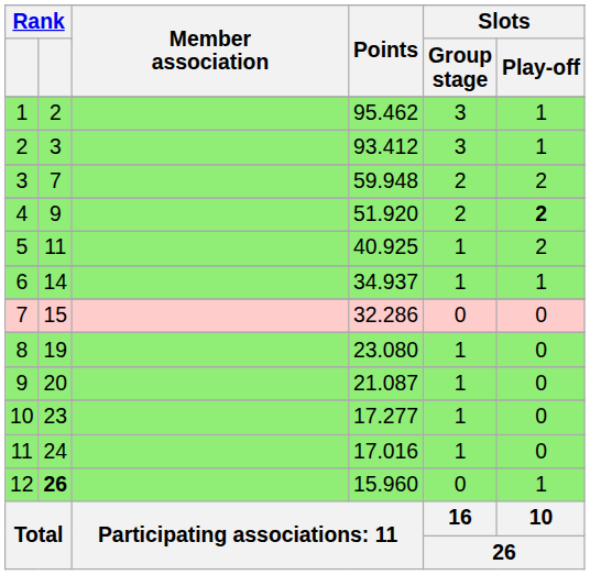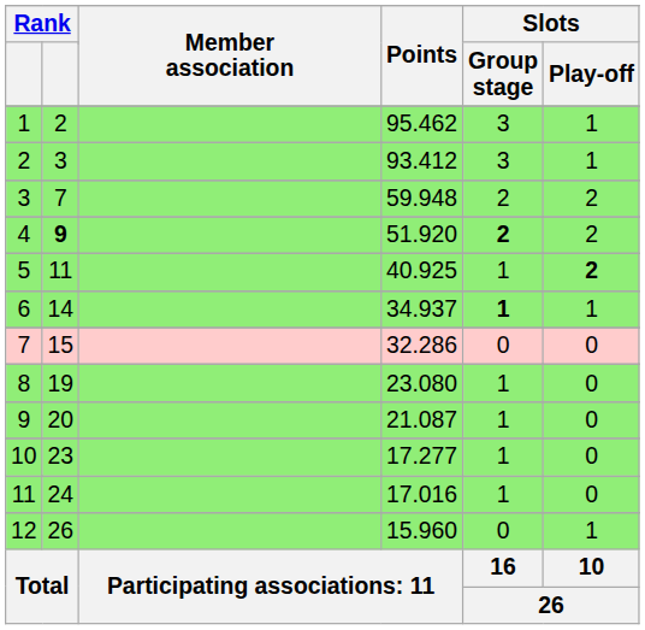 <table class="wikitable" style="text-align:center">
 <tr>
 </tr>
 <tr>
 <th colspan=2 rowspan=2><a href='#'>Rank</a></th>
 <th rowspan=3 width=200>Member<br>association</th>
 <th rowspan=3>Points</th>
 <th colspan=4>Slots</th>
 </tr>
 <tr>
 <th rowspan=2>Group<br>stage</th>
 <th rowspan=2>Play-off</th>
 </tr>
 <tr>
 <th></th>
 <th></th>
 </tr>
 <tr>
 </tr>
 <tr bgcolor=#90ee77>
 <td>1</td>
 <td>2</td>
 <td align=left></td>
 <td>95.462</td>
 <td>3</td>
 <td>1</td>
 </tr>
 <tr>
 </tr>
 <tr bgcolor=#90ee77>
 <td>2</td>
 <td>3</td>
 <td align=left></td>
 <td>93.412</td>
 <td>3</td>
 <td>1</td>
 </tr>
 <tr>
 </tr>
 <tr bgcolor=#90ee77>
 <td>3</td>
 <td>7</td>
 <td align=left></td>
 <td>59.948</td>
 <td>2</td>
 <td>2</td>
 </tr>
 <tr>
 </tr>
 <tr bgcolor=#90ee77>
 <td>4</td>
-<td>9</td>
+<td><strong>9</strong></td>
 <td align=left></td>
 <td>51.920</td>
+<td><strong>2</strong></td>
 <td>2</td>
-<td><strong>2</strong></td>
 </tr>
 <tr>
 </tr>
 <tr bgcolor=#90ee77>
 <td>5</td>
 <td>11</td>
 <td align=left></td>
 <td>40.925</td>
 <td>1</td>
-<td>2</td>
+<td><strong>2</strong></td>
 </tr>
 <tr>
 </tr>
 <tr bgcolor=#90ee77>
 <td>6</td>
 <td>14</td>
 <td align=left></td>
 <td>34.937</td>
-<td>1</td>
+<td><strong>1</strong></td>
 <td>1</td>
 </tr>
 <tr>
 </tr>
 <tr bgcolor=ffcccc>
 <td>7</td>
 <td>15</td>
 <td align=left></td>
 <td>32.286</td>
 <td>0</td>
 <td>0</td>
 </tr>
 <tr>
 </tr>
 <tr bgcolor=#90ee77>
 <td>8</td>
 <td>19</td>
 <td align=left></td>
 <td>23.080</td>
 <td>1</td>
 <td>0</td>
 </tr>
 <tr>
 </tr>
 <tr bgcolor=#90ee77>
 <td>9</td>
 <td>20</td>
 <td align=left></td>
 <td>21.087</td>
 <td>1</td>
 <td>0</td>
 </tr>
 <tr>
 </tr>
 <tr bgcolor=#90ee77>
 <td>10</td>
 <td>23</td>
 <td align=left></td>
 <td>17.277</td>
 <td>1</td>
 <td>0</td>
 </tr>
 <tr>
 </tr>
 <tr bgcolor=#90ee77>
 <td>11</td>
 <td>24</td>
 <td align=left></td>
 <td>17.016</td>
 <td>1</td>
 <td>0</td>
 </tr>
 <tr>
 </tr>
 <tr bgcolor=#90ee77>
 <td>12</td>
-<td><strong>26</strong></td>
+<td>26</td>
 <td align=left></td>
 <td>15.960</td>
 <td>0</td>
 <td>1</td>
 </tr>
 <tr>
 <th colspan=2 rowspan=2>Total</th>
 <th colspan=2 rowspan=2>Participating associations: 11</th>
 <th>16</th>
 <th>10</th>
 </tr>
 <tr>
 <th colspan=3>26</th>
 </tr>
 </table>
